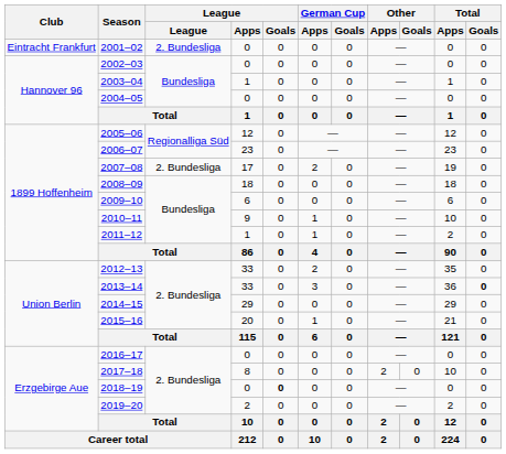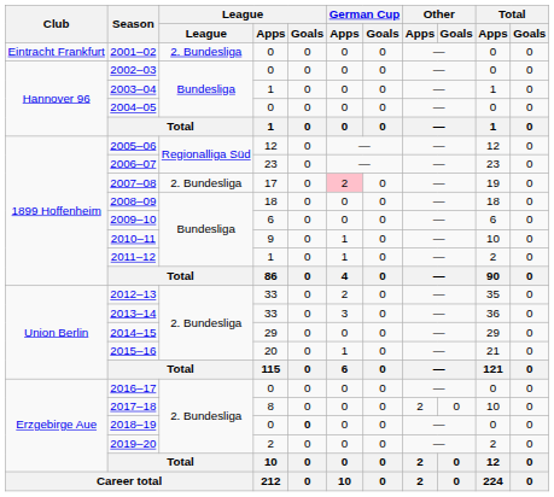 <table class="wikitable" style="text-align:center">
 <tr>
 <th rowspan="2">Club</th>
 <th rowspan="2">Season</th>
 <th colspan="3">League</th>
 <th colspan="2"><a href='#'>German Cup</a></th>
 <th colspan="2">Other</th>
 <th colspan="2">Total</th>
 </tr>
 <tr>
 <th>League</th>
 <th>Apps</th>
 <th>Goals</th>
 <th>Apps</th>
 <th>Goals</th>
 <th>Apps</th>
 <th>Goals</th>
 <th>Apps</th>
 <th>Goals</th>
 </tr>
 <tr>
 <td><a href='#'>Eintracht Frankfurt</a></td>
 <td><a href='#'>2001–02</a></td>
 <td><a href='#'>2. Bundesliga</a></td>
 <td>0</td>
 <td>0</td>
 <td>0</td>
 <td>0</td>
 <td colspan="2">—</td>
 <td>0</td>
 <td>0</td>
 </tr>
 <tr>
 <td rowspan="4"><a href='#'>Hannover 96</a></td>
 <td><a href='#'>2002–03</a></td>
 <td rowspan="3"><a href='#'>Bundesliga</a></td>
 <td>0</td>
 <td>0</td>
 <td>0</td>
 <td>0</td>
 <td colspan="2">—</td>
 <td>0</td>
 <td>0</td>
 </tr>
 <tr>
 <td><a href='#'>2003–04</a></td>
 <td>1</td>
 <td>0</td>
 <td>0</td>
 <td>0</td>
 <td colspan="2">—</td>
 <td>1</td>
 <td>0</td>
 </tr>
 <tr>
 <td><a href='#'>2004–05</a></td>
 <td>0</td>
 <td>0</td>
 <td>0</td>
 <td>0</td>
 <td colspan="2">—</td>
 <td>0</td>
 <td>0</td>
 </tr>
 <tr>
 <th colspan="2">Total</th>
 <th>1</th>
 <th>0</th>
 <th>0</th>
 <th>0</th>
 <th colspan="2">—</th>
 <th>1</th>
 <th>0</th>
 </tr>
 <tr>
 <td rowspan="8"><a href='#'>1899 Hoffenheim</a></td>
 <td><a href='#'>2005–06</a></td>
 <td rowspan="2"><a href='#'>Regionalliga Süd</a></td>
 <td>12</td>
 <td>0</td>
 <td colspan="2">—</td>
 <td colspan="2">—</td>
 <td>12</td>
 <td>0</td>
 </tr>
 <tr>
 <td><a href='#'>2006–07</a></td>
 <td>23</td>
 <td>0</td>
 <td colspan="2">—</td>
 <td colspan="2">—</td>
 <td>23</td>
 <td>0</td>
 </tr>
 <tr>
 <td><a href='#'>2007–08</a></td>
 <td>2. Bundesliga</td>
 <td>17</td>
 <td>0</td>
-<td>2</td>
+<td style="background: pink;">2</td>
 <td>0</td>
 <td colspan="2">—</td>
 <td>19</td>
 <td>0</td>
 </tr>
 <tr>
 <td><a href='#'>2008–09</a></td>
 <td rowspan="4">Bundesliga</td>
 <td>18</td>
 <td>0</td>
 <td>0</td>
 <td>0</td>
 <td colspan="2">—</td>
 <td>18</td>
 <td>0</td>
 </tr>
 <tr>
 <td><a href='#'>2009–10</a></td>
 <td>6</td>
 <td>0</td>
 <td>0</td>
 <td>0</td>
 <td colspan="2">—</td>
 <td>6</td>
 <td>0</td>
 </tr>
 <tr>
 <td><a href='#'>2010–11</a></td>
 <td>9</td>
 <td>0</td>
 <td>1</td>
 <td>0</td>
 <td colspan="2">—</td>
 <td>10</td>
 <td>0</td>
 </tr>
 <tr>
 <td><a href='#'>2011–12</a></td>
 <td>1</td>
 <td>0</td>
 <td>1</td>
 <td>0</td>
 <td colspan="2">—</td>
 <td>2</td>
 <td>0</td>
 </tr>
 <tr>
 <th colspan="2">Total</th>
 <th>86</th>
 <th>0</th>
 <th>4</th>
 <th>0</th>
 <th colspan="2">—</th>
 <th>90</th>
 <th>0</th>
 </tr>
 <tr>
 <td rowspan="5"><a href='#'>Union Berlin</a></td>
 <td><a href='#'>2012–13</a></td>
 <td rowspan="4">2. Bundesliga</td>
 <td>33</td>
 <td>0</td>
 <td>2</td>
 <td>0</td>
 <td colspan="2">—</td>
 <td>35</td>
 <td>0</td>
 </tr>
 <tr>
 <td><a href='#'>2013–14</a></td>
 <td>33</td>
 <td>0</td>
 <td>3</td>
 <td>0</td>
 <td colspan="2">—</td>
 <td>36</td>
-<td><strong>0</strong></td>
+<td>0</td>
 </tr>
 <tr>
 <td><a href='#'>2014–15</a></td>
 <td>29</td>
 <td>0</td>
 <td>0</td>
 <td>0</td>
 <td colspan="2">—</td>
 <td>29</td>
 <td>0</td>
 </tr>
 <tr>
 <td><a href='#'>2015–16</a></td>
 <td>20</td>
 <td>0</td>
 <td>1</td>
 <td>0</td>
 <td colspan="2">—</td>
 <td>21</td>
 <td>0</td>
 </tr>
 <tr>
 <th colspan="2">Total</th>
 <th>115</th>
 <th>0</th>
 <th>6</th>
 <th>0</th>
 <th colspan="2">—</th>
 <th>121</th>
 <th>0</th>
 </tr>
 <tr>
 <td rowspan="5"><a href='#'>Erzgebirge Aue</a></td>
 <td><a href='#'>2016–17</a></td>
 <td rowspan="4">2. Bundesliga</td>
 <td>0</td>
 <td>0</td>
 <td>0</td>
 <td>0</td>
 <td colspan="2">—</td>
 <td>0</td>
 <td>0</td>
 </tr>
 <tr>
 <td><a href='#'>2017–18</a></td>
 <td>8</td>
 <td>0</td>
 <td>0</td>
 <td>0</td>
 <td>2</td>
 <td>0</td>
 <td>10</td>
 <td>0</td>
 </tr>
 <tr>
 <td><a href='#'>2018–19</a></td>
 <td>0</td>
 <td><strong>0</strong></td>
 <td>0</td>
 <td>0</td>
 <td colspan="2">—</td>
 <td>0</td>
 <td>0</td>
 </tr>
 <tr>
 <td><a href='#'>2019–20</a></td>
 <td>2</td>
 <td>0</td>
 <td>0</td>
 <td>0</td>
 <td colspan="2">—</td>
 <td>2</td>
 <td>0</td>
 </tr>
 <tr>
 <th colspan="2">Total</th>
 <th>10</th>
 <th>0</th>
 <th>0</th>
 <th>0</th>
 <th>2</th>
 <th>0</th>
 <th>12</th>
 <th>0</th>
 </tr>
 <tr>
 <th colspan="3">Career total</th>
 <th>212</th>
 <th>0</th>
 <th>10</th>
 <th>0</th>
 <th>2</th>
 <th>0</th>
 <th>224</th>
 <th>0</th>
 </tr>
 </table>
